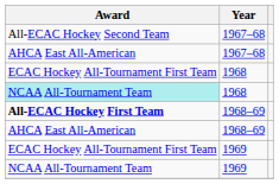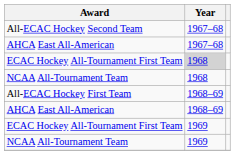 <table class="wikitable">
 <tr>
 <th>Award</th>
 <th>Year</th>
 <th></th>
 </tr>
 <tr>
 <td>All-<a href='#'>ECAC Hockey</a> <a href='#'>Second Team</a></td>
 <td><a href='#'>1967–68</a></td>
 <td></td>
 </tr>
 <tr>
 <td><a href='#'>AHCA</a> <a href='#'>East All-American</a></td>
 <td><a href='#'>1967–68</a></td>
 <td></td>
 </tr>
 <tr>
 <td><a href='#'>ECAC Hockey</a> <a href='#'>All-Tournament First Team</a></td>
+<td style="background: lightgrey;"><a href='#'>1968</a></td>
+<td></td>
+</tr>
+<tr>
+<td><a href='#'>NCAA</a> <a href='#'>All-Tournament Team</a></td>
 <td><a href='#'>1968</a></td>
 <td></td>
 </tr>
 <tr>
-<td style="background: paleturquoise;"><a href='#'>NCAA</a> <a href='#'>All-Tournament Team</a></td>
-<td><a href='#'>1968</a></td>
-<td></td>
-</tr>
-<tr>
-<td><strong>All-<a href='#'>ECAC Hockey</a> <a href='#'>First Team</a></strong></td>
+<td>All-<a href='#'>ECAC Hockey</a> <a href='#'>First Team</a></td>
 <td><a href='#'>1968–69</a></td>
 <td></td>
 </tr>
 <tr>
 <td><a href='#'>AHCA</a> <a href='#'>East All-American</a></td>
 <td><a href='#'>1968–69</a></td>
 <td></td>
 </tr>
 <tr>
 <td><a href='#'>ECAC Hockey</a> <a href='#'>All-Tournament First Team</a></td>
 <td><a href='#'>1969</a></td>
 <td></td>
 </tr>
 <tr>
 <td><a href='#'>NCAA</a> <a href='#'>All-Tournament Team</a></td>
 <td><a href='#'>1969</a></td>
 <td></td>
 </tr>
 <tr>
 </tr>
 </table>
